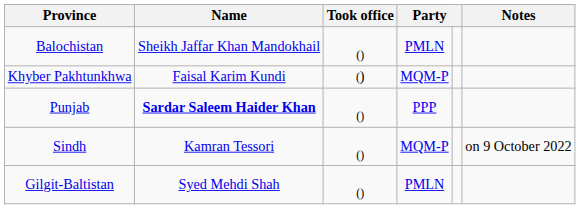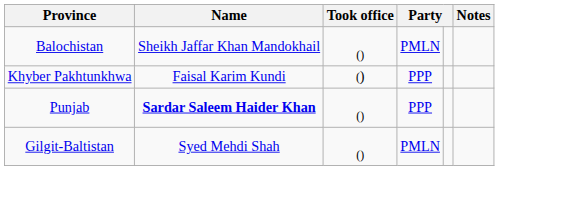 <table class="wikitable sortable" style="text-align:center">
 <tr>
 <th scope="col">Province</th>
 <th scope="col">Name</th>
 <th scope="col">Took office<br></th>
 <th colspan="2" scope="col">Party</th>
 <th>Notes</th>
 </tr>
 <tr>
 <td><a href='#'>Balochistan</a><br></td>
 <td><a href='#'>Sheikh Jaffar Khan Mandokhail</a></td>
 <td><br><small>()</small></td>
 <td><a href='#'>PMLN</a></td>
 <td width="4px"></td>
 <td></td>
 </tr>
 <tr>
 <td><a href='#'>Khyber Pakhtunkhwa</a><br></td>
 <td><a href='#'>Faisal Karim Kundi</a></td>
 <td> <small>(</small>)</td>
-<td><a href='#'>MQM-P</a></td>
+<td><a href='#'>PPP</a></td>
 <td width="4px"></td>
 <td></td>
 </tr>
 <tr>
 <td><a href='#'>Punjab</a><br></td>
 <td><strong><a href='#'>Sardar Saleem Haider Khan</a></strong></td>
 <td><br><small>()</small></td>
 <td><a href='#'>PPP</a></td>
 <td width="4px"></td>
 <td></td>
 </tr>
 <tr>
-<td><a href='#'>Sindh</a><br></td>
-<td><a href='#'>Kamran Tessori</a></td>
-<td><br><small>()</small></td>
-<td><a href='#'>MQM-P</a></td>
-<td width="4px"></td>
-<td>on 9 October 2022</td>
-</tr>
-<tr>
 <td><a href='#'>Gilgit-Baltistan</a><br></td>
 <td><a href='#'>Syed Mehdi Shah</a></td>
 <td><br><small>()</small></td>
 <td><a href='#'>PMLN</a></td>
 <td width="4px"></td>
 <td></td>
 </tr>
 </table>
